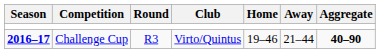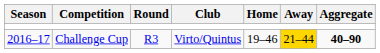 <table class="wikitable">
 <tr>
 <th>Season</th>
 <th>Competition</th>
 <th>Round</th>
 <th>Club</th>
 <th>Home</th>
 <th>Away</th>
 <th>Aggregate</th>
 </tr>
 <tr>
 <td colspan="7" bgcolor=white></td>
 </tr>
 <tr>
-<td><strong><a href='#'>2016–17</a></strong></td>
+<td><a href='#'>2016–17</a></td>
 <td><a href='#'>Challenge Cup</a></td>
 <td style="text-align:center;"><a href='#'>R3</a></td>
 <td> <a href='#'>Virto/Quintus</a></td>
 <td style="text-align:center;">19–46</td>
-<td style="text-align:center;">21–44</td>
+<td style="background: gold; text-align:center;">21–44</td>
 <td style="text-align:center;"><strong>40–90</strong></td>
 </tr>
 </table>
